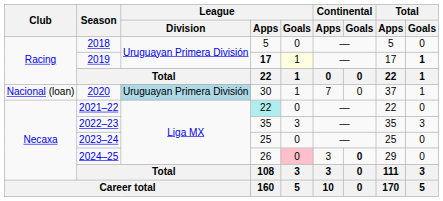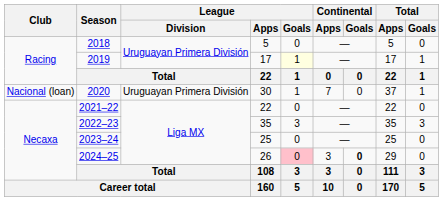 <table class="wikitable", style="text-align:center">
 <tr>
 <th rowspan="2">Club</th>
 <th rowspan="2">Season</th>
 <th colspan="3">League</th>
 <th colspan="2">Continental</th>
 <th colspan="2">Total</th>
 </tr>
 <tr>
 <th>Division</th>
 <th>Apps</th>
 <th>Goals</th>
 <th>Apps</th>
 <th>Goals</th>
 <th>Apps</th>
 <th>Goals</th>
 </tr>
 <tr>
 <td rowspan="3"><a href='#'>Racing</a></td>
 <td><a href='#'>2018</a></td>
 <td rowspan="2"><a href='#'>Uruguayan Primera División</a></td>
 <td>5</td>
 <td>0</td>
 <td colspan="2">—</td>
 <td>5</td>
 <td>0</td>
 </tr>
 <tr>
 <td><a href='#'>2019</a></td>
-<td><strong>17</strong></td>
+<td>17</td>
 <td style="background: lightyellow;">1</td>
 <td colspan="2">—</td>
 <td>17</td>
-<td><strong>1</strong></td>
+<td>1</td>
 </tr>
 <tr>
 <th colspan="2">Total</th>
 <th>22</th>
 <th>1</th>
 <th>0</th>
 <th>0</th>
 <th>22</th>
 <th>1</th>
 </tr>
 <tr>
 <td><a href='#'>Nacional</a> (loan)</td>
 <td><a href='#'>2020</a></td>
-<td style="background: lightblue;">Uruguayan Primera División</td>
+<td>Uruguayan Primera División</td>
 <td>30</td>
 <td>1</td>
 <td>7</td>
 <td>0</td>
 <td>37</td>
 <td>1</td>
 </tr>
 <tr>
 <td rowspan="5"><a href='#'>Necaxa</a></td>
 <td><a href='#'>2021–22</a></td>
 <td rowspan="4"><a href='#'>Liga MX</a></td>
-<td style="background: paleturquoise;">22</td>
+<td>22</td>
 <td>0</td>
 <td colspan="2">—</td>
 <td>22</td>
 <td>0</td>
 </tr>
 <tr>
 <td><a href='#'>2022–23</a></td>
 <td>35</td>
 <td>3</td>
 <td colspan="2">—</td>
 <td>35</td>
 <td>3</td>
 </tr>
 <tr>
 <td><a href='#'>2023–24</a></td>
 <td>25</td>
 <td>0</td>
 <td colspan="2">—</td>
 <td>25</td>
 <td>0</td>
 </tr>
 <tr>
 <td><a href='#'>2024–25</a></td>
 <td>26</td>
 <td style="background: pink;">0</td>
 <td>3</td>
 <td><strong>0</strong></td>
 <td>29</td>
 <td>0</td>
 </tr>
 <tr>
 <th colspan="2">Total</th>
 <th>108</th>
 <th>3</th>
 <th>3</th>
 <th>0</th>
 <th>111</th>
 <th>3</th>
 </tr>
 <tr>
 <th colspan="3">Career total</th>
 <th>160</th>
 <th>5</th>
 <th>10</th>
 <th>0</th>
 <th>170</th>
 <th>5</th>
 </tr>
 </table>
